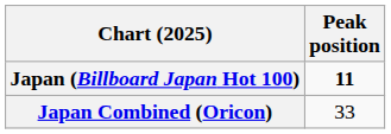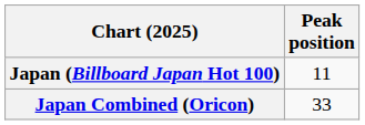 <table class="wikitable sortable plainrowheaders" style="text-align:center">
 <tr>
 <th scope="col">Chart (2025)</th>
 <th scope="col">Peak<br>position</th>
 </tr>
 <tr>
 <th scope="row">Japan (<a href='#'><em>Billboard Japan</em> Hot 100</a>)</th>
-<td><strong>11</strong></td>
+<td>11</td>
 </tr>
 <tr>
 <th scope="row"><a href='#'>Japan Combined</a> (<a href='#'>Oricon</a>)</th>
 <td>33</td>
 </tr>
 </table>
